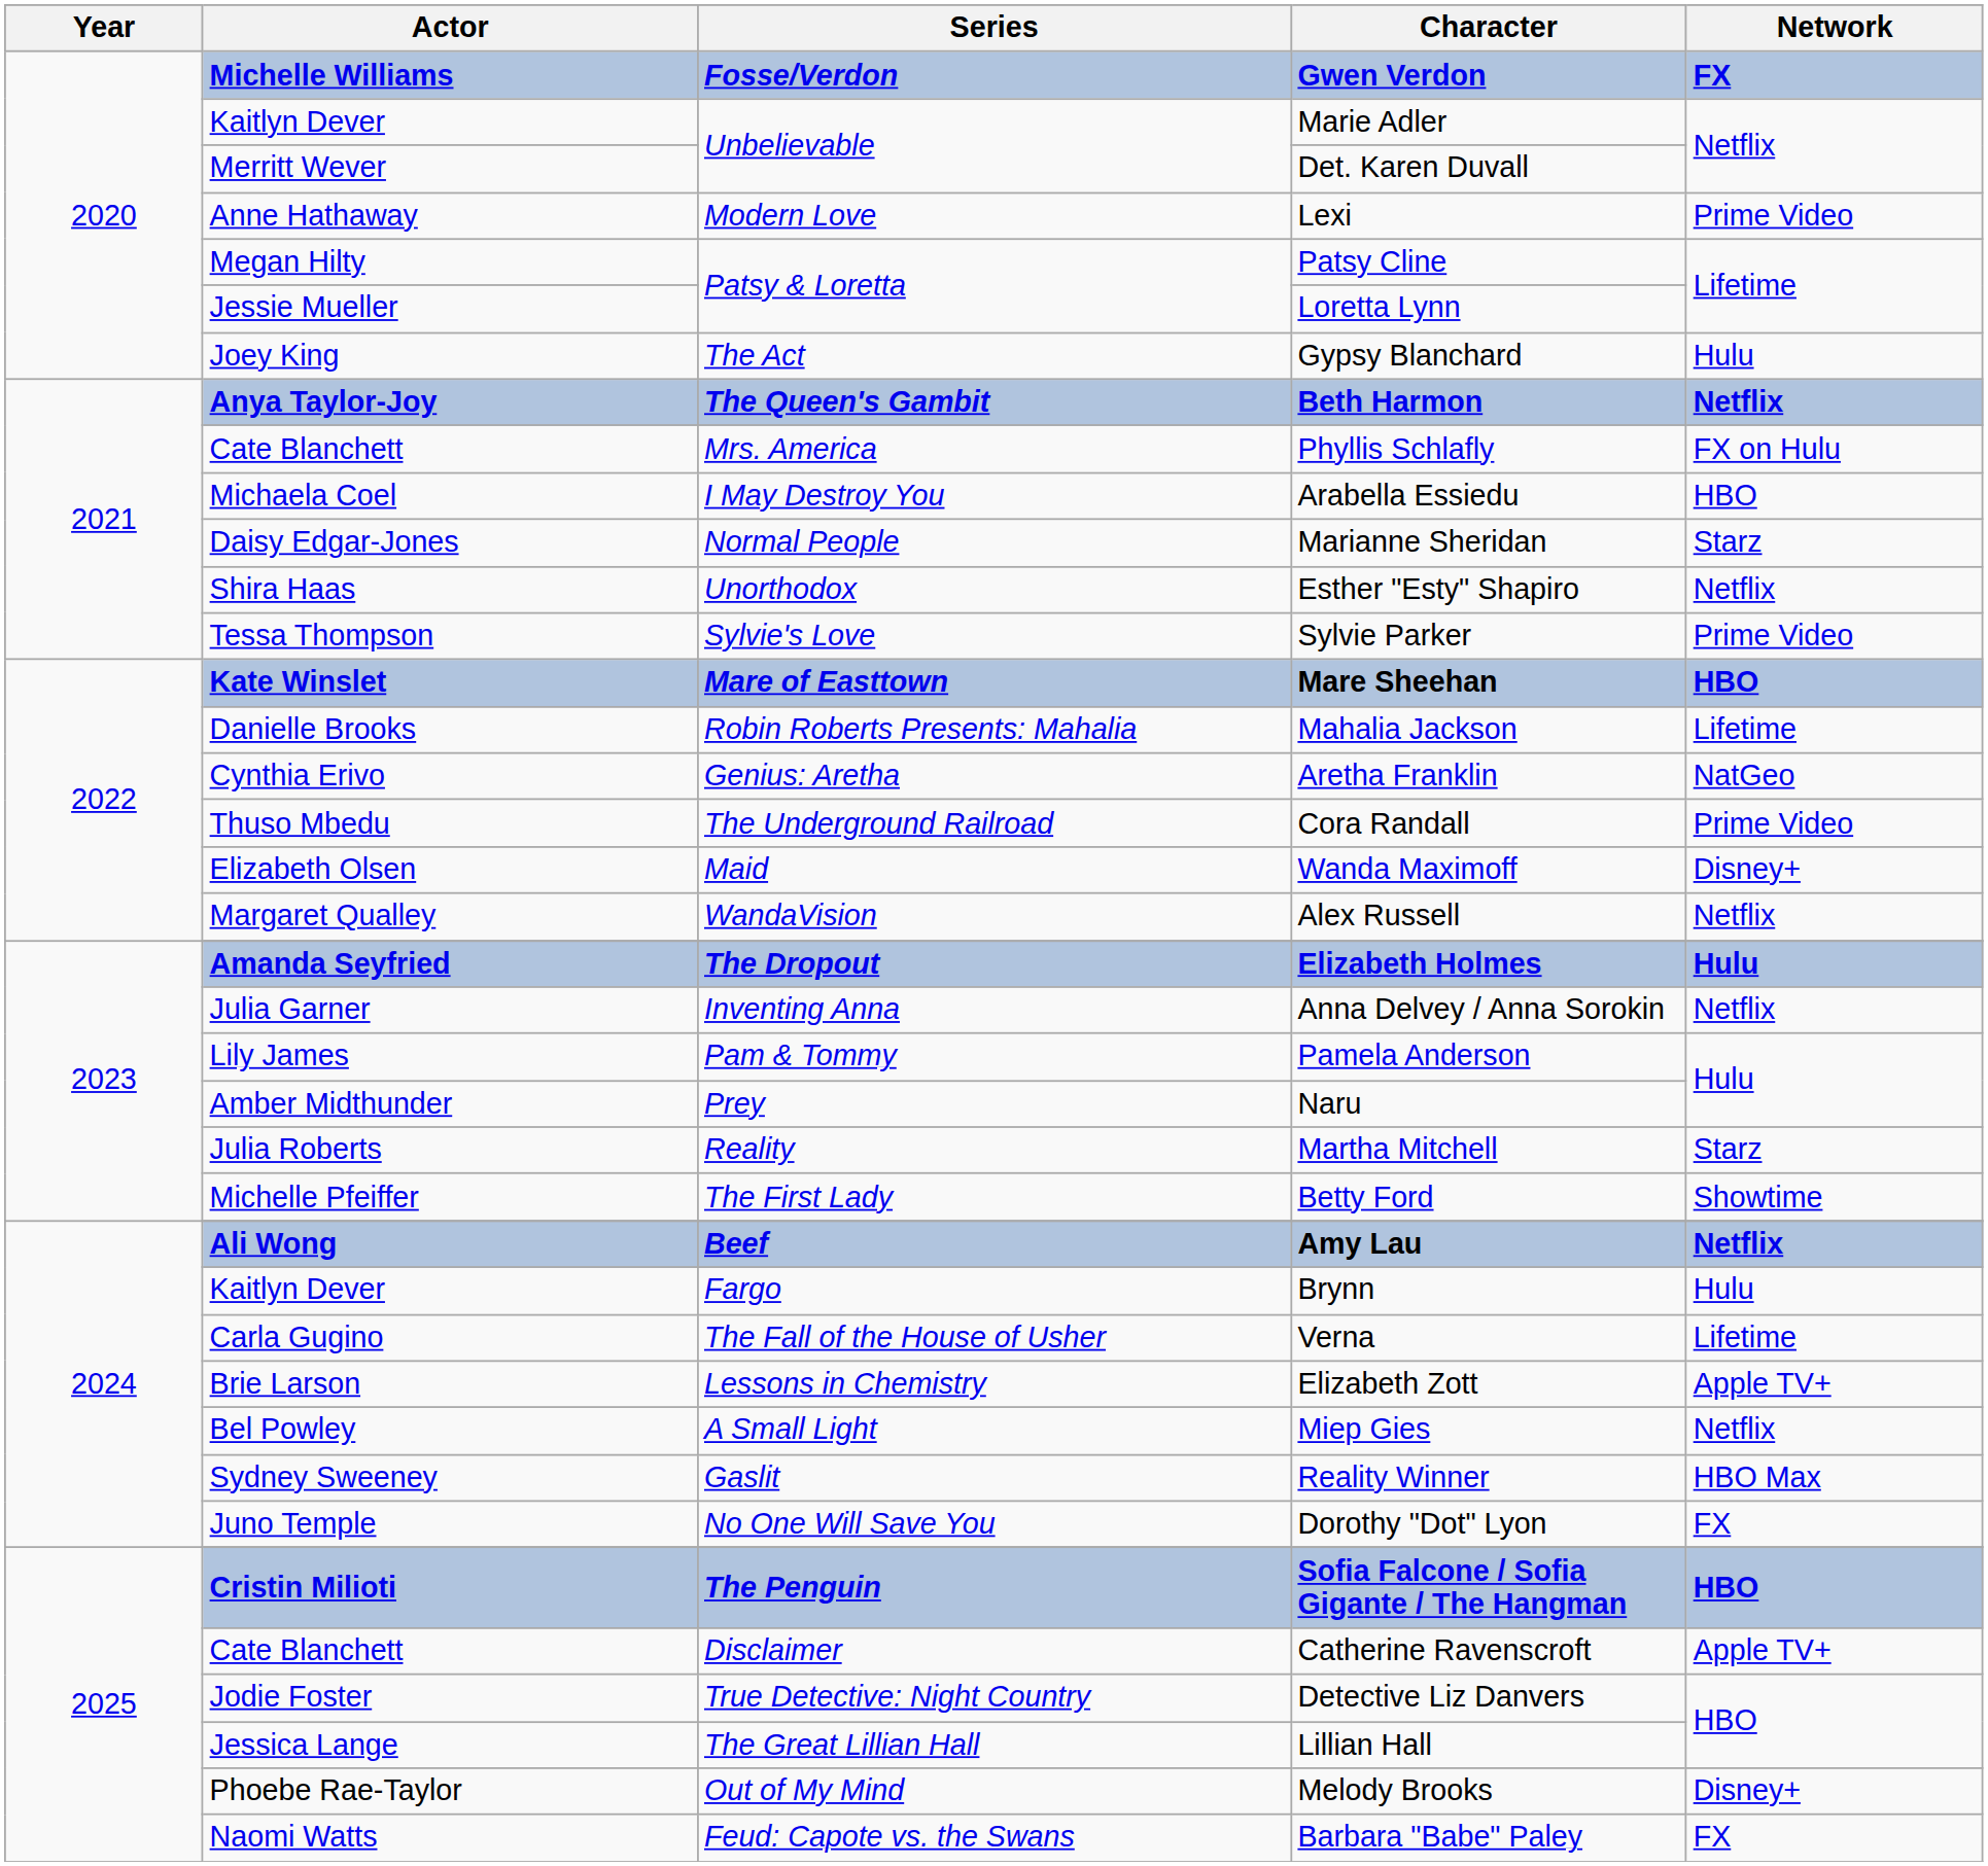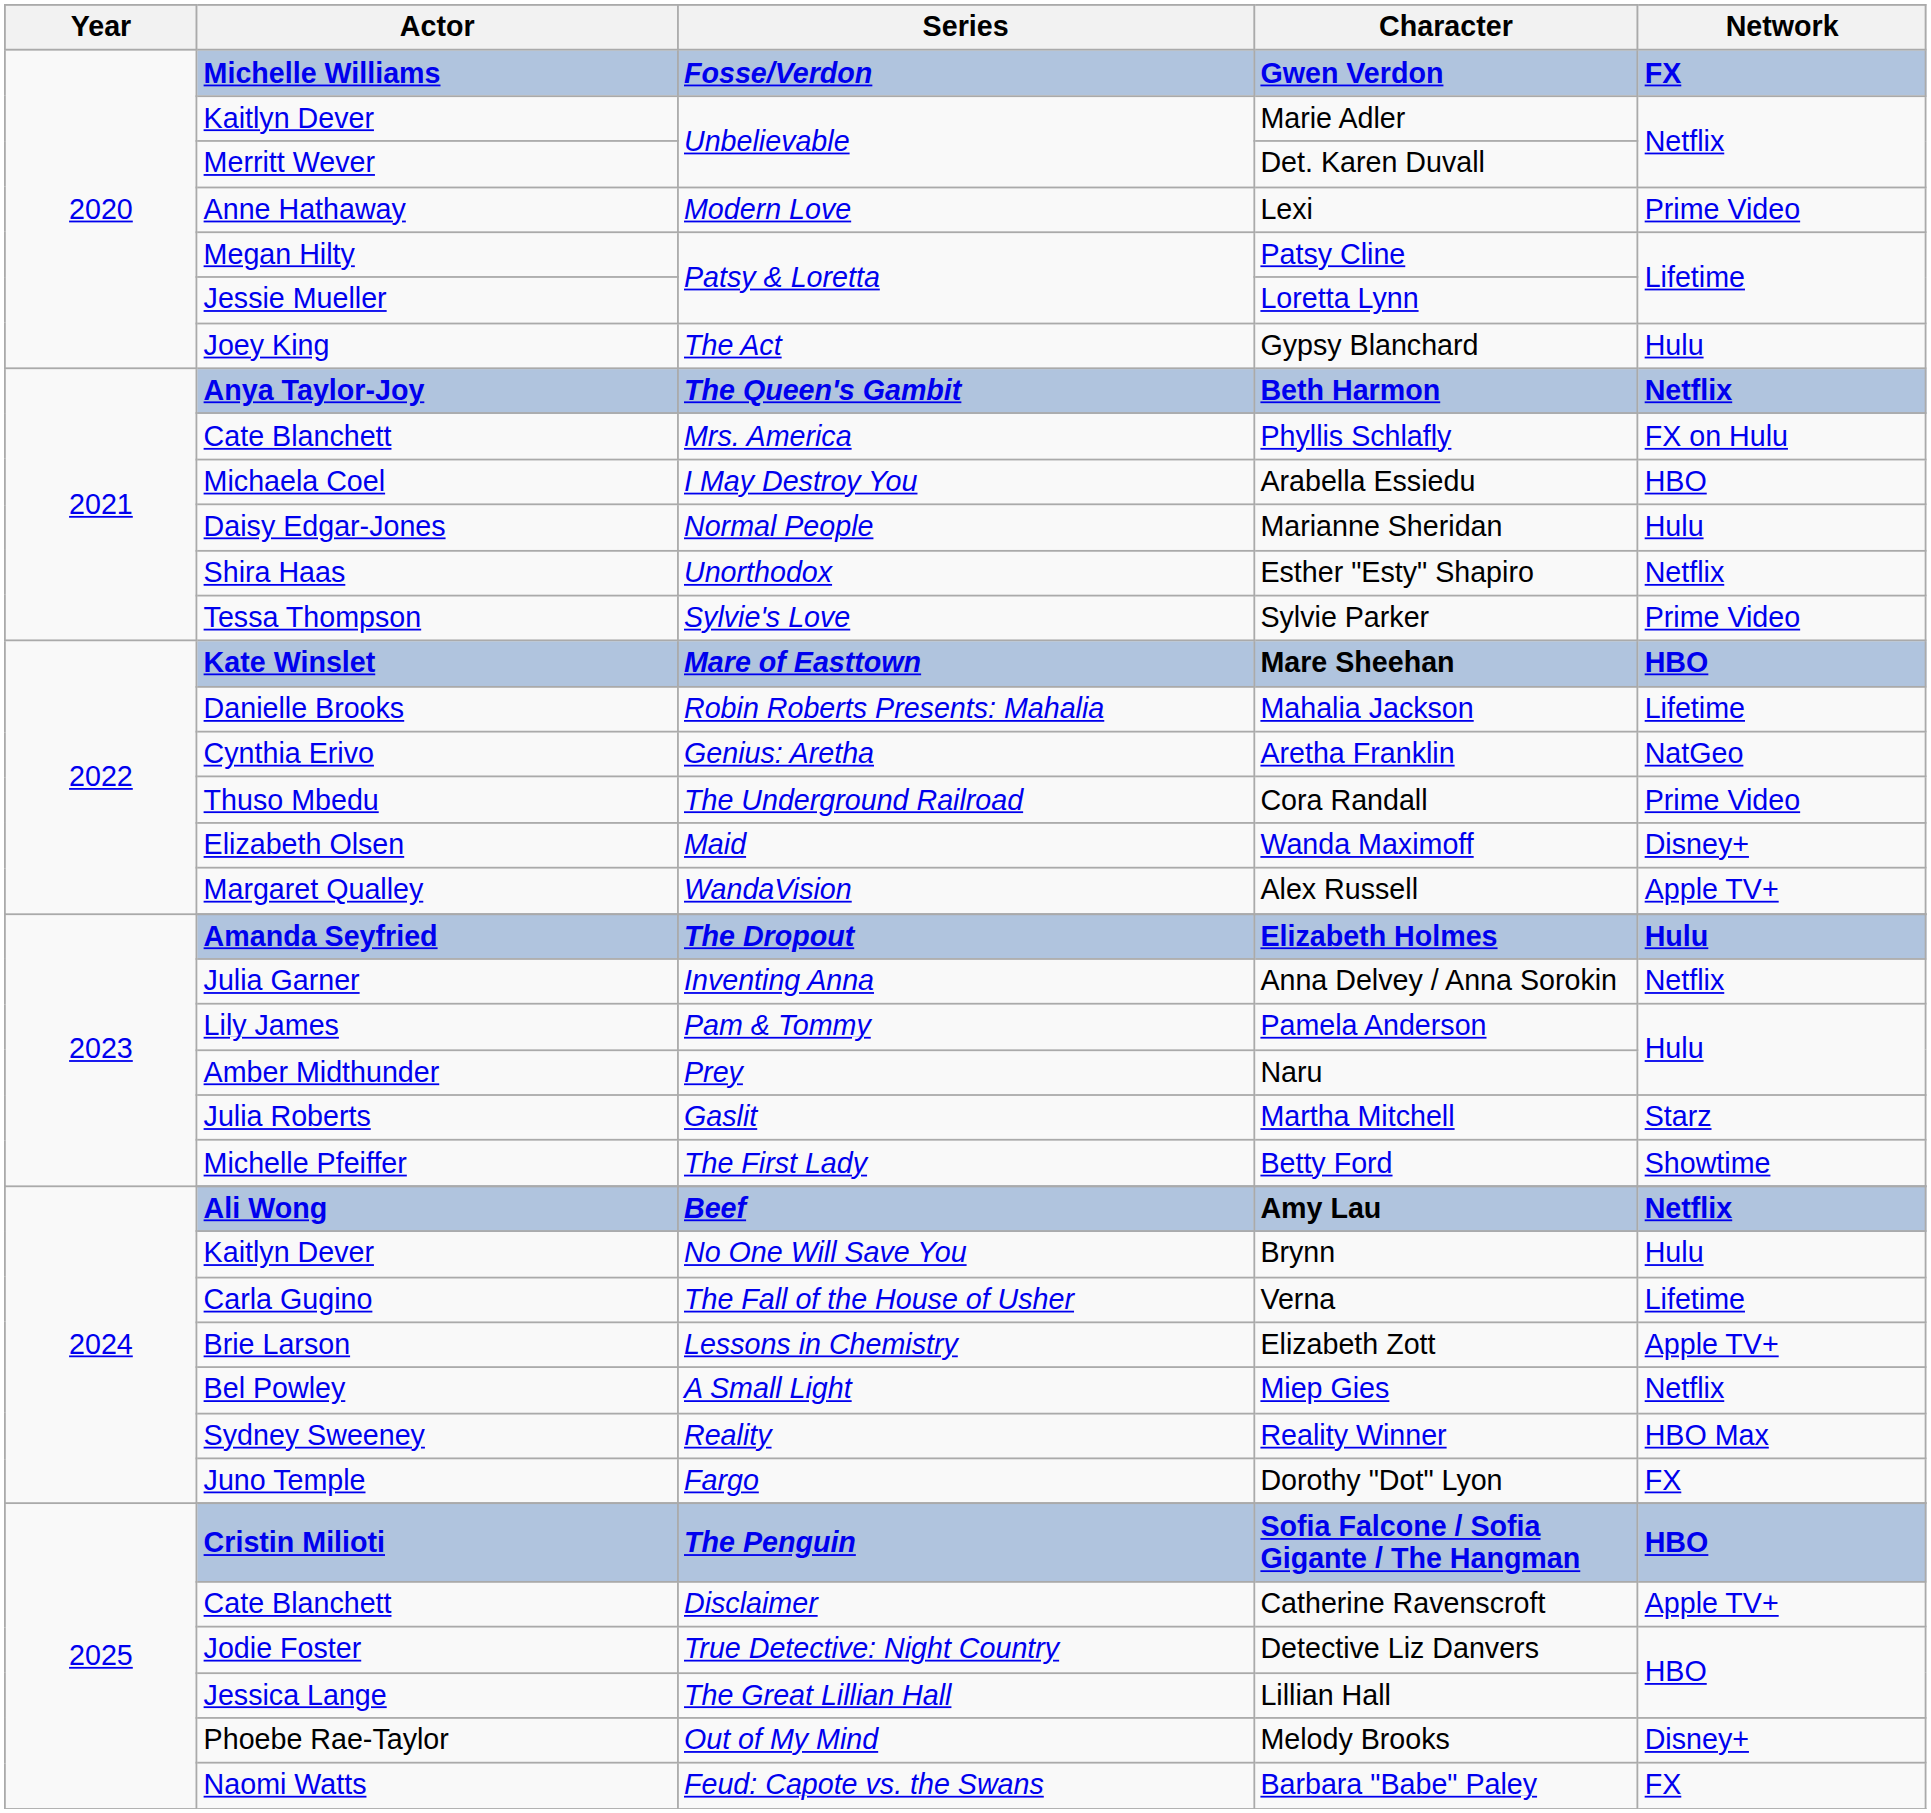 <table class="wikitable" style="width:85%">
 <tr style="background:#bebebe;">
 <th style="width:10%;">Year</th>
 <th style="wodth:25%;">Actor</th>
 <th style="width:30%;">Series</th>
 <th style="width:20%;">Character</th>
 <th style="width:15%;">Network</th>
 </tr>
 <tr>
 <td rowspan="7" style="text-align:center;"><a href='#'>2020</a><br></td>
 <td style="background:#B0C4DE;"><strong><a href='#'>Michelle Williams</a></strong></td>
 <td style="background:#B0C4DE;"><strong><em><a href='#'>Fosse/Verdon</a></em></strong></td>
 <td style="background:#B0C4DE;"><strong><a href='#'>Gwen Verdon</a></strong></td>
 <td style="background:#B0C4DE;"><strong><a href='#'>FX</a></strong></td>
 </tr>
 <tr>
 <td><a href='#'>Kaitlyn Dever</a></td>
 <td rowspan="2"><em><a href='#'>Unbelievable</a></em></td>
 <td>Marie Adler</td>
 <td rowspan="2"><a href='#'>Netflix</a></td>
 </tr>
 <tr>
 <td><a href='#'>Merritt Wever</a></td>
 <td>Det. Karen Duvall</td>
 </tr>
 <tr>
 <td><a href='#'>Anne Hathaway</a></td>
 <td><em><a href='#'>Modern Love</a></em></td>
 <td>Lexi</td>
 <td><a href='#'>Prime Video</a></td>
 </tr>
 <tr>
 <td><a href='#'>Megan Hilty</a></td>
 <td rowspan="2"><em><a href='#'>Patsy & Loretta</a></em></td>
 <td><a href='#'>Patsy Cline</a></td>
 <td rowspan="2"><a href='#'>Lifetime</a></td>
 </tr>
 <tr>
 <td><a href='#'>Jessie Mueller</a></td>
 <td><a href='#'>Loretta Lynn</a></td>
 </tr>
 <tr>
 <td><a href='#'>Joey King</a></td>
 <td><em><a href='#'>The Act</a></em></td>
 <td>Gypsy Blanchard</td>
 <td><a href='#'>Hulu</a></td>
 </tr>
 <tr>
 <td rowspan="6" style="text-align:center;"><a href='#'>2021</a><br></td>
 <td style="background:#B0C4DE;"><strong><a href='#'>Anya Taylor-Joy</a></strong></td>
 <td style="background:#B0C4DE;"><strong><em><a href='#'>The Queen's Gambit</a></em></strong></td>
 <td style="background:#B0C4DE;"><strong><a href='#'>Beth Harmon</a></strong></td>
 <td style="background:#B0C4DE;"><strong><a href='#'>Netflix</a></strong></td>
 </tr>
 <tr>
 <td><a href='#'>Cate Blanchett</a></td>
 <td><em><a href='#'>Mrs. America</a></em></td>
 <td><a href='#'>Phyllis Schlafly</a></td>
 <td><a href='#'>FX on Hulu</a></td>
 </tr>
 <tr>
 <td><a href='#'>Michaela Coel</a></td>
 <td><em><a href='#'>I May Destroy You</a></em></td>
 <td>Arabella Essiedu</td>
 <td><a href='#'>HBO</a></td>
 </tr>
 <tr>
 <td><a href='#'>Daisy Edgar-Jones</a></td>
 <td><em><a href='#'>Normal People</a></em></td>
 <td>Marianne Sheridan</td>
-<td><a href='#'>Starz</a></td>
+<td><a href='#'>Hulu</a></td>
 </tr>
 <tr>
 <td><a href='#'>Shira Haas</a></td>
 <td><em><a href='#'>Unorthodox</a></em></td>
 <td>Esther "Esty" Shapiro</td>
 <td><a href='#'>Netflix</a></td>
 </tr>
 <tr>
 <td><a href='#'>Tessa Thompson</a></td>
 <td><em><a href='#'>Sylvie's Love</a></em></td>
 <td>Sylvie Parker</td>
 <td><a href='#'>Prime Video</a></td>
 </tr>
 <tr>
 <td rowspan="6" style="text-align:center;"><a href='#'>2022</a><br></td>
 <td style="background:#B0C4DE;"><strong><a href='#'>Kate Winslet</a></strong></td>
 <td style="background:#B0C4DE;"><strong><em><a href='#'>Mare of Easttown</a></em></strong></td>
 <td style="background:#B0C4DE;"><strong>Mare Sheehan</strong></td>
 <td style="background:#B0C4DE;"><strong><a href='#'>HBO</a></strong></td>
 </tr>
 <tr>
 <td><a href='#'>Danielle Brooks</a></td>
 <td><em><a href='#'>Robin Roberts Presents: Mahalia</a></em></td>
 <td><a href='#'>Mahalia Jackson</a></td>
 <td><a href='#'>Lifetime</a></td>
 </tr>
 <tr>
 <td><a href='#'>Cynthia Erivo</a></td>
 <td><em><a href='#'>Genius: Aretha</a></em></td>
 <td><a href='#'>Aretha Franklin</a></td>
 <td><a href='#'>NatGeo</a></td>
 </tr>
 <tr>
 <td><a href='#'>Thuso Mbedu</a></td>
 <td><em><a href='#'>The Underground Railroad</a></em></td>
 <td>Cora Randall</td>
 <td><a href='#'>Prime Video</a></td>
 </tr>
 <tr>
 <td><a href='#'>Elizabeth Olsen</a></td>
 <td><em><a href='#'>Maid</a></em></td>
 <td><a href='#'>Wanda Maximoff</a></td>
 <td><a href='#'>Disney+</a></td>
 </tr>
 <tr>
 <td><a href='#'>Margaret Qualley</a></td>
 <td><em><a href='#'>WandaVision</a></em></td>
 <td>Alex Russell</td>
-<td><a href='#'>Netflix</a></td>
+<td><a href='#'>Apple TV+</a></td>
 </tr>
 <tr>
 <td rowspan="7" style="text-align:center;"><a href='#'>2023</a><br></td>
 </tr>
 <tr style="background:#B0C4DE;">
 <td><strong><a href='#'>Amanda Seyfried</a></strong></td>
 <td><strong><em><a href='#'>The Dropout</a></em></strong></td>
 <td><strong><a href='#'>Elizabeth Holmes</a></strong></td>
 <td><strong><a href='#'>Hulu</a></strong></td>
 </tr>
 <tr>
 <td><a href='#'>Julia Garner</a></td>
 <td><em><a href='#'>Inventing Anna</a></em></td>
 <td>Anna Delvey / Anna Sorokin</td>
 <td><a href='#'>Netflix</a></td>
 </tr>
 <tr>
 <td><a href='#'>Lily James</a></td>
 <td><em><a href='#'>Pam & Tommy</a></em></td>
 <td><a href='#'>Pamela Anderson</a></td>
 <td rowspan="2"><a href='#'>Hulu</a></td>
 </tr>
 <tr>
 <td><a href='#'>Amber Midthunder</a></td>
 <td><em><a href='#'>Prey</a></em></td>
 <td>Naru</td>
 </tr>
 <tr>
 <td><a href='#'>Julia Roberts</a></td>
-<td><em><a href='#'>Reality</a></em></td>
+<td><em><a href='#'>Gaslit</a></em></td>
 <td><a href='#'>Martha Mitchell</a></td>
 <td><a href='#'>Starz</a></td>
 </tr>
 <tr>
 <td><a href='#'>Michelle Pfeiffer</a></td>
 <td><em><a href='#'>The First Lady</a></em></td>
 <td><a href='#'>Betty Ford</a></td>
 <td><a href='#'>Showtime</a></td>
 </tr>
 <tr>
 <td rowspan="8" style="text-align:center;"><a href='#'>2024</a><br></td>
 </tr>
 <tr style="background:#B0C4DE;">
 <td><strong><a href='#'>Ali Wong</a></strong></td>
 <td><strong><em><a href='#'>Beef</a></em></strong></td>
 <td><strong>Amy Lau</strong></td>
 <td><strong><a href='#'>Netflix</a></strong></td>
 </tr>
 <tr>
 <td><a href='#'>Kaitlyn Dever</a></td>
-<td><em><a href='#'>Fargo</a></em></td>
+<td><em><a href='#'>No One Will Save You</a></em></td>
 <td>Brynn</td>
 <td><a href='#'>Hulu</a></td>
 </tr>
 <tr>
 <td><a href='#'>Carla Gugino</a></td>
 <td><em><a href='#'>The Fall of the House of Usher</a></em></td>
 <td>Verna</td>
 <td><a href='#'>Lifetime</a></td>
 </tr>
 <tr>
 <td><a href='#'>Brie Larson</a></td>
 <td><em><a href='#'>Lessons in Chemistry</a></em></td>
 <td>Elizabeth Zott</td>
 <td><a href='#'>Apple TV+</a></td>
 </tr>
 <tr>
 <td><a href='#'>Bel Powley</a></td>
 <td><em><a href='#'>A Small Light</a></em></td>
 <td><a href='#'>Miep Gies</a></td>
 <td><a href='#'>Netflix</a></td>
 </tr>
 <tr>
 <td><a href='#'>Sydney Sweeney</a></td>
-<td><em><a href='#'>Gaslit</a></em></td>
+<td><em><a href='#'>Reality</a></em></td>
 <td><a href='#'>Reality Winner</a></td>
 <td><a href='#'>HBO Max</a></td>
 </tr>
 <tr>
 <td><a href='#'>Juno Temple</a></td>
-<td><em><a href='#'>No One Will Save You</a></em></td>
+<td><em><a href='#'>Fargo</a></em></td>
 <td>Dorothy "Dot" Lyon</td>
 <td><a href='#'>FX</a></td>
 </tr>
 <tr>
 <td rowspan="7" style="text-align:center;"><a href='#'>2025</a><br></td>
 </tr>
 <tr style="background:#B0C4DE;">
 <td><strong><a href='#'>Cristin Milioti</a></strong></td>
 <td><strong><em><a href='#'>The Penguin</a></em></strong></td>
 <td><strong><a href='#'>Sofia Falcone / Sofia Gigante / The Hangman</a></strong></td>
 <td><strong><a href='#'>HBO</a></strong></td>
 </tr>
 <tr>
 <td><a href='#'>Cate Blanchett</a></td>
 <td><em><a href='#'>Disclaimer</a></em></td>
 <td>Catherine Ravenscroft</td>
 <td><a href='#'>Apple TV+</a></td>
 </tr>
 <tr>
 <td><a href='#'>Jodie Foster</a></td>
 <td><em><a href='#'>True Detective: Night Country</a></em></td>
 <td>Detective Liz Danvers</td>
 <td rowspan="2"><a href='#'>HBO</a></td>
 </tr>
 <tr>
 <td><a href='#'>Jessica Lange</a></td>
 <td><em><a href='#'>The Great Lillian Hall</a></em></td>
 <td>Lillian Hall</td>
 </tr>
 <tr>
 <td>Phoebe Rae-Taylor</td>
 <td><em><a href='#'>Out of My Mind</a></em></td>
 <td>Melody Brooks</td>
 <td><a href='#'>Disney+</a></td>
 </tr>
 <tr>
 <td><a href='#'>Naomi Watts</a></td>
 <td><em><a href='#'>Feud: Capote vs. the Swans</a></em></td>
 <td><a href='#'>Barbara "Babe" Paley</a></td>
 <td><a href='#'>FX</a></td>
 </tr>
 <tr>
 </tr>
 </table>
